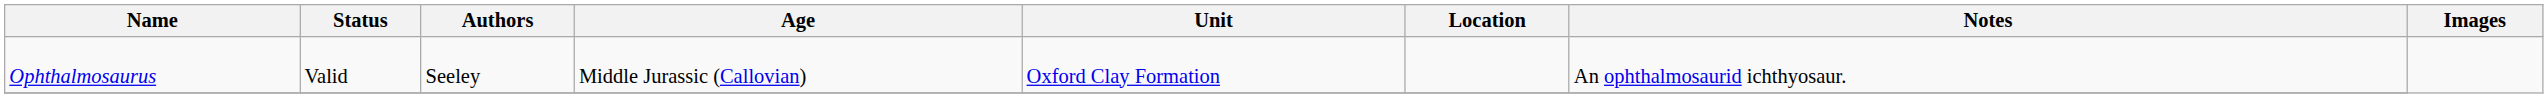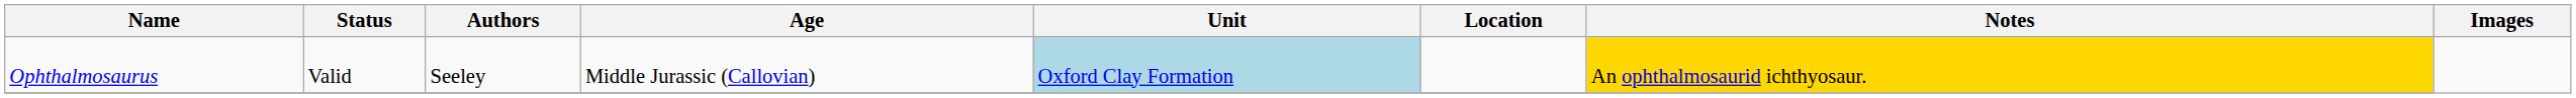 <table class="wikitable sortable" align="center" width="100%">
 <tr>
 <th>Name</th>
 <th>Status</th>
 <th>Authors</th>
 <th>Age</th>
 <th>Unit</th>
 <th>Location</th>
 <th width="33%">Notes</th>
 <th>Images</th>
 </tr>
 <tr>
 <td><br><em><a href='#'>Ophthalmosaurus</a></em></td>
 <td><br>Valid</td>
 <td><br>Seeley</td>
 <td><br>Middle Jurassic (<a href='#'>Callovian</a>)</td>
-<td><br><a href='#'>Oxford Clay Formation</a></td>
+<td style="background: lightblue;"><br><a href='#'>Oxford Clay Formation</a></td>
 <td><br></td>
-<td><br>An <a href='#'>ophthalmosaurid</a> ichthyosaur.</td>
+<td style="background: gold;"><br>An <a href='#'>ophthalmosaurid</a> ichthyosaur.</td>
 </tr>
 <tr>
 </tr>
 </table>
